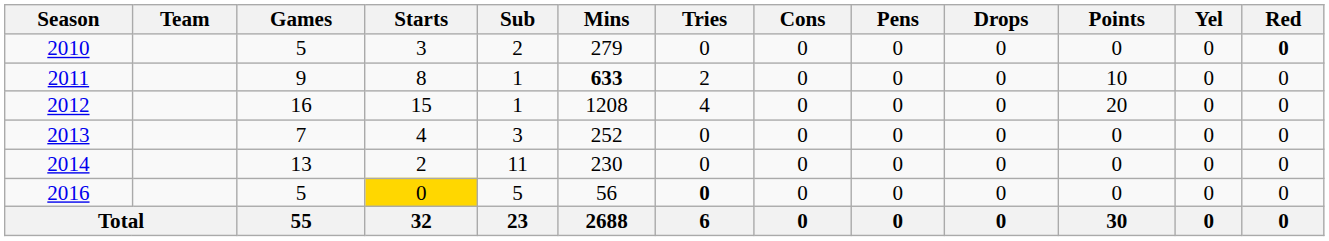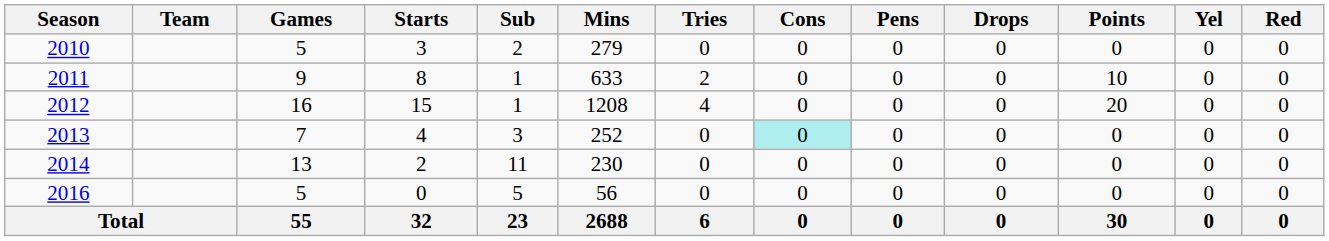 <table class="wikitable" style="text-align:center; line-height:90%; font-size:95%; width:60%;">
 <tr>
 <th>Season</th>
 <th>Team</th>
 <th>Games</th>
 <th>Starts</th>
 <th>Sub</th>
 <th>Mins</th>
 <th>Tries</th>
 <th>Cons</th>
 <th>Pens</th>
 <th>Drops</th>
 <th>Points</th>
 <th>Yel</th>
 <th>Red</th>
 </tr>
 <tr>
 <td><a href='#'>2010</a></td>
 <td></td>
 <td>5</td>
 <td>3</td>
 <td>2</td>
 <td>279</td>
 <td>0</td>
 <td>0</td>
 <td>0</td>
 <td>0</td>
 <td>0</td>
 <td>0</td>
-<td><strong>0</strong></td>
+<td>0</td>
 </tr>
 <tr>
 <td><a href='#'>2011</a></td>
 <td></td>
 <td>9</td>
 <td>8</td>
 <td>1</td>
-<td><strong>633</strong></td>
+<td>633</td>
 <td>2</td>
 <td>0</td>
 <td>0</td>
 <td>0</td>
 <td>10</td>
 <td>0</td>
 <td>0</td>
 </tr>
 <tr>
 <td><a href='#'>2012</a></td>
 <td></td>
 <td>16</td>
 <td>15</td>
 <td>1</td>
 <td>1208</td>
 <td>4</td>
 <td>0</td>
 <td>0</td>
 <td>0</td>
 <td>20</td>
 <td>0</td>
 <td>0</td>
 </tr>
 <tr>
 <td><a href='#'>2013</a></td>
 <td></td>
 <td>7</td>
 <td>4</td>
 <td>3</td>
 <td>252</td>
 <td>0</td>
-<td>0</td>
+<td style="background: paleturquoise;">0</td>
 <td>0</td>
 <td>0</td>
 <td>0</td>
 <td>0</td>
 <td>0</td>
 </tr>
 <tr>
 <td><a href='#'>2014</a></td>
 <td></td>
 <td>13</td>
 <td>2</td>
 <td>11</td>
 <td>230</td>
 <td>0</td>
 <td>0</td>
 <td>0</td>
 <td>0</td>
 <td>0</td>
 <td>0</td>
 <td>0</td>
 </tr>
 <tr>
 <td><a href='#'>2016</a></td>
 <td></td>
 <td>5</td>
-<td style="background: gold;">0</td>
+<td>0</td>
 <td>5</td>
 <td>56</td>
-<td><strong>0</strong></td>
+<td>0</td>
 <td>0</td>
 <td>0</td>
 <td>0</td>
 <td>0</td>
 <td>0</td>
 <td>0</td>
 </tr>
 <tr>
 <th colspan="2">Total</th>
 <th>55</th>
 <th>32</th>
 <th>23</th>
 <th>2688</th>
 <th>6</th>
 <th>0</th>
 <th>0</th>
 <th>0</th>
 <th>30</th>
 <th>0</th>
 <th>0</th>
 </tr>
 </table>
